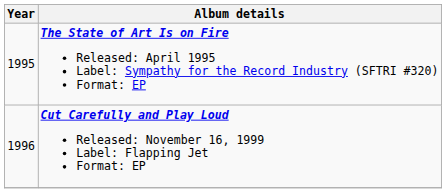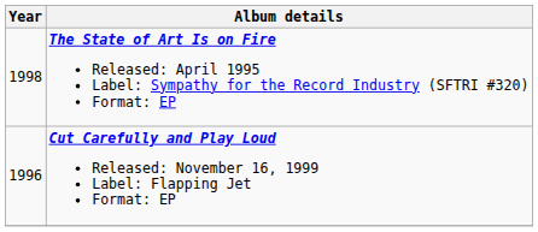 <table class ="wikitable">
 <tr>
 <th>Year</th>
 <th>Album details</th>
 </tr>
 <tr>
-<td>1995</td>
+<td>1998</td>
 <td><strong><em><a href='#'>The State of Art Is on Fire</a></em></strong><br><ul><li>Released: April 1995</li><li>Label: <a href='#'>Sympathy for the Record Industry</a> (SFTRI #320)</li><li>Format: <a href='#'>EP</a></li></ul></td>
 </tr>
 <tr>
 <td>1996</td>
 <td><strong><em><a href='#'>Cut Carefully and Play Loud</a></em></strong><br><ul><li>Released: November 16, 1999</li><li>Label: Flapping Jet</li><li>Format: EP</li></ul></td>
 </tr>
 <tr>
 </tr>
 </table>
